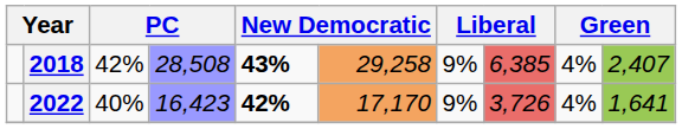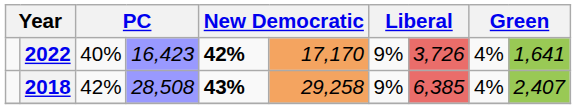 <table class="wikitable" style="float:right; width:400; font-size:90%; margin-left:1em;">
 <tr>
 <th colspan="2" scope="col">Year</th>
 <th colspan="2" scope="col"><a href='#'>PC</a></th>
 <th colspan="2" scope="col"><a href='#'>New Democratic</a></th>
 <th colspan="2" scope="col"><a href='#'>Liberal</a></th>
 <th colspan="2" scope="col"><a href='#'>Green</a></th>
+</tr>
+<tr>
+<td style="width: 0.25em; background-color: "></td>
+<th><a href='#'>2022</a></th>
+<td>40%</td>
+<td style="text-align:right; background:#9999FF;"><em>16,423</em></td>
+<td><strong>42%</strong></td>
+<td style="text-align:right; background:#F4A460;"><em>17,170</em></td>
+<td>9%</td>
+<td style="text-align:right; background:#EA6D6A;"><em>3,726</em></td>
+<td>4%</td>
+<td style="text-align:right; background:#99C955;"><em>1,641</em></td>
 </tr>
 <tr>
 <td style="width: 0.25em; background-color: "></td>
 <th><a href='#'>2018</a></th>
 <td>42%</td>
 <td style="text-align:right; background:#9999FF;"><em>28,508</em></td>
 <td><strong>43%</strong></td>
 <td style="text-align:right; background:#F4A460;"><em>29,258</em></td>
 <td>9%</td>
 <td style="text-align:right; background:#EA6D6A;"><em>6,385</em></td>
 <td>4%</td>
 <td style="text-align:right; background:#99C955;"><em>2,407</em></td>
 </tr>
 <tr>
-<td style="width: 0.25em; background-color: "></td>
-<th><a href='#'>2022</a></th>
-<td>40%</td>
-<td style="text-align:right; background:#9999FF;"><em>16,423</em></td>
-<td><strong>42%</strong></td>
-<td style="text-align:right; background:#F4A460;"><em>17,170</em></td>
-<td>9%</td>
-<td style="text-align:right; background:#EA6D6A;"><em>3,726</em></td>
-<td>4%</td>
-<td style="text-align:right; background:#99C955;"><em>1,641</em></td>
-</tr>
-<tr>
 </tr>
 </table>
